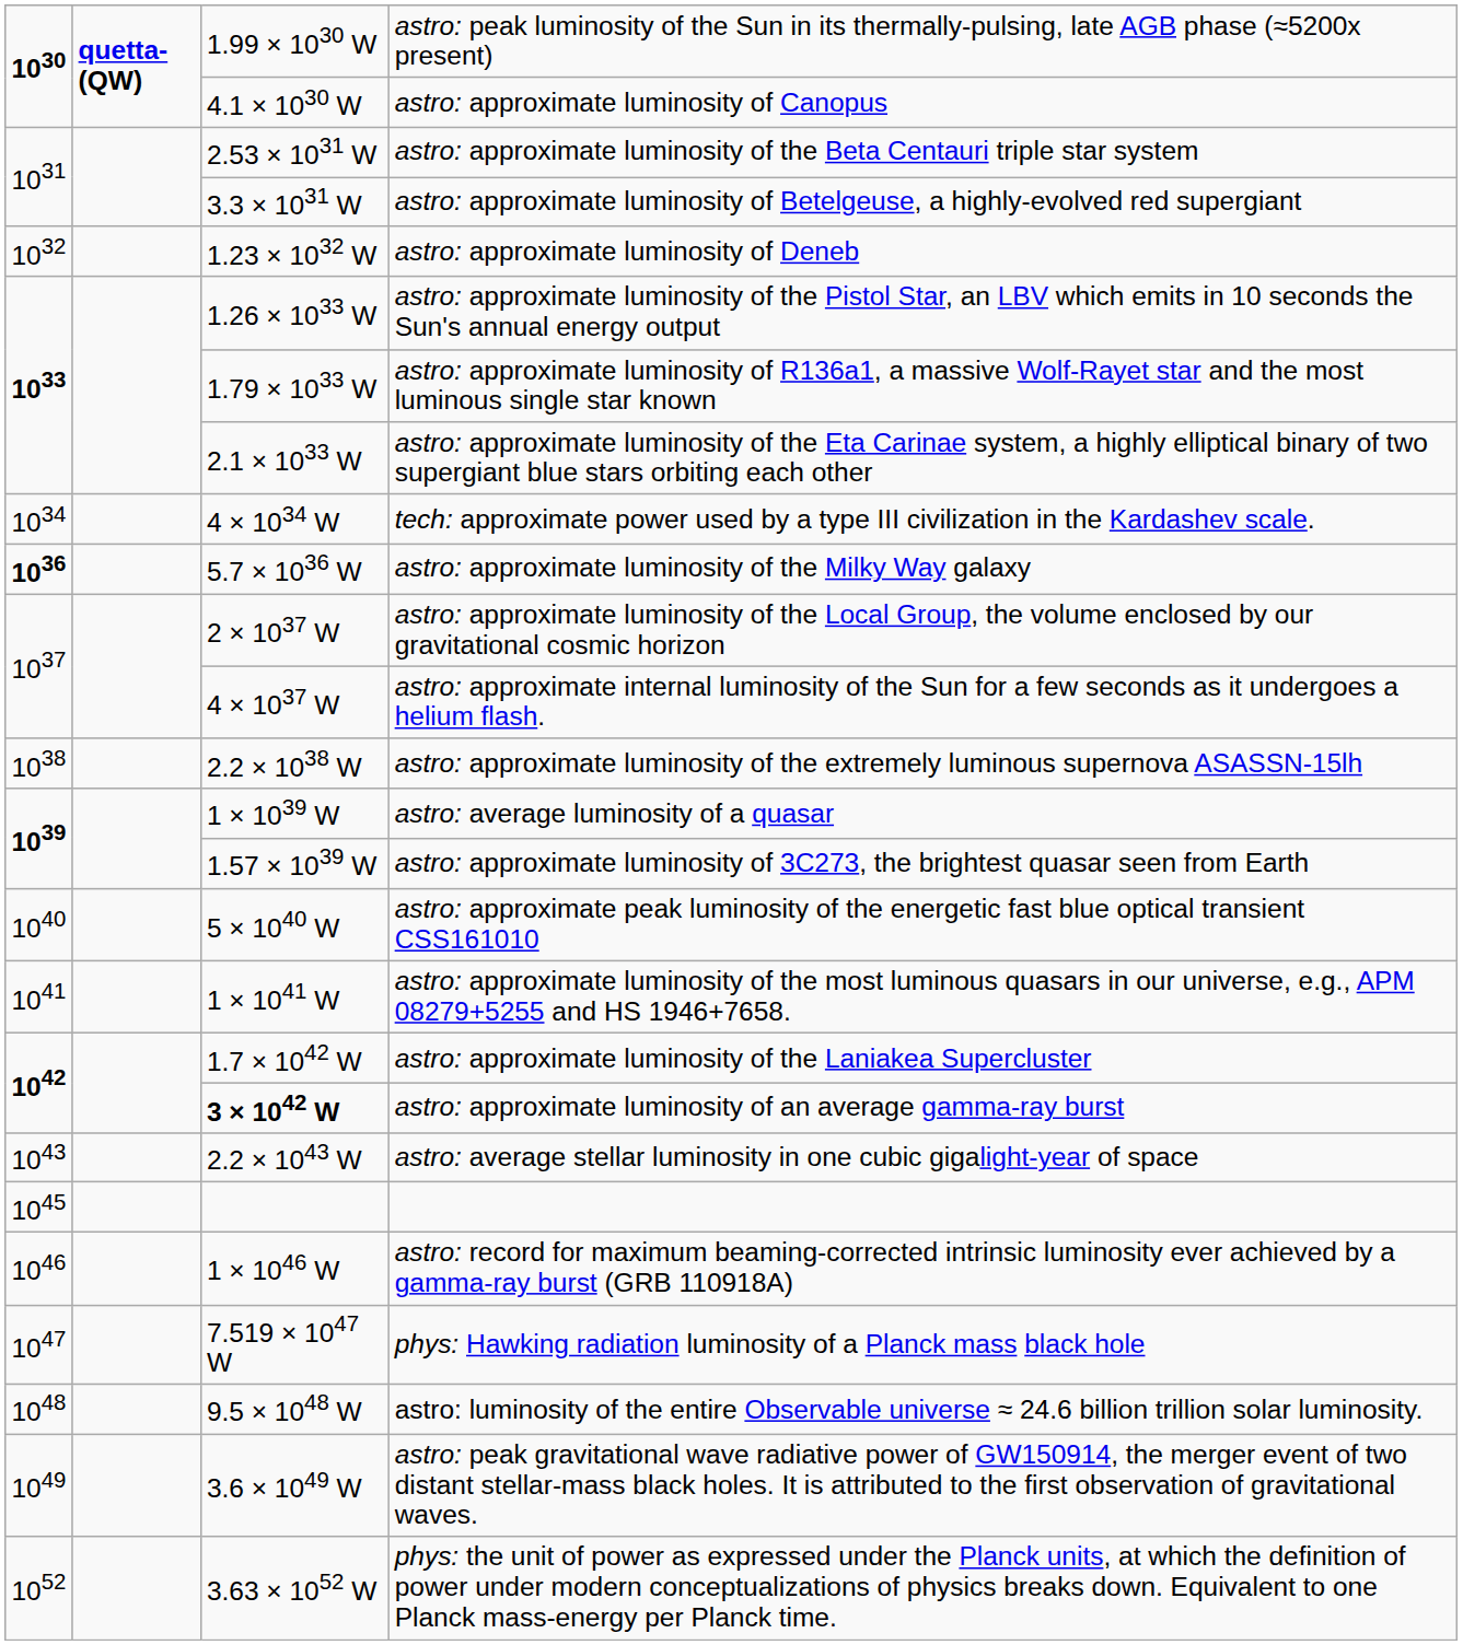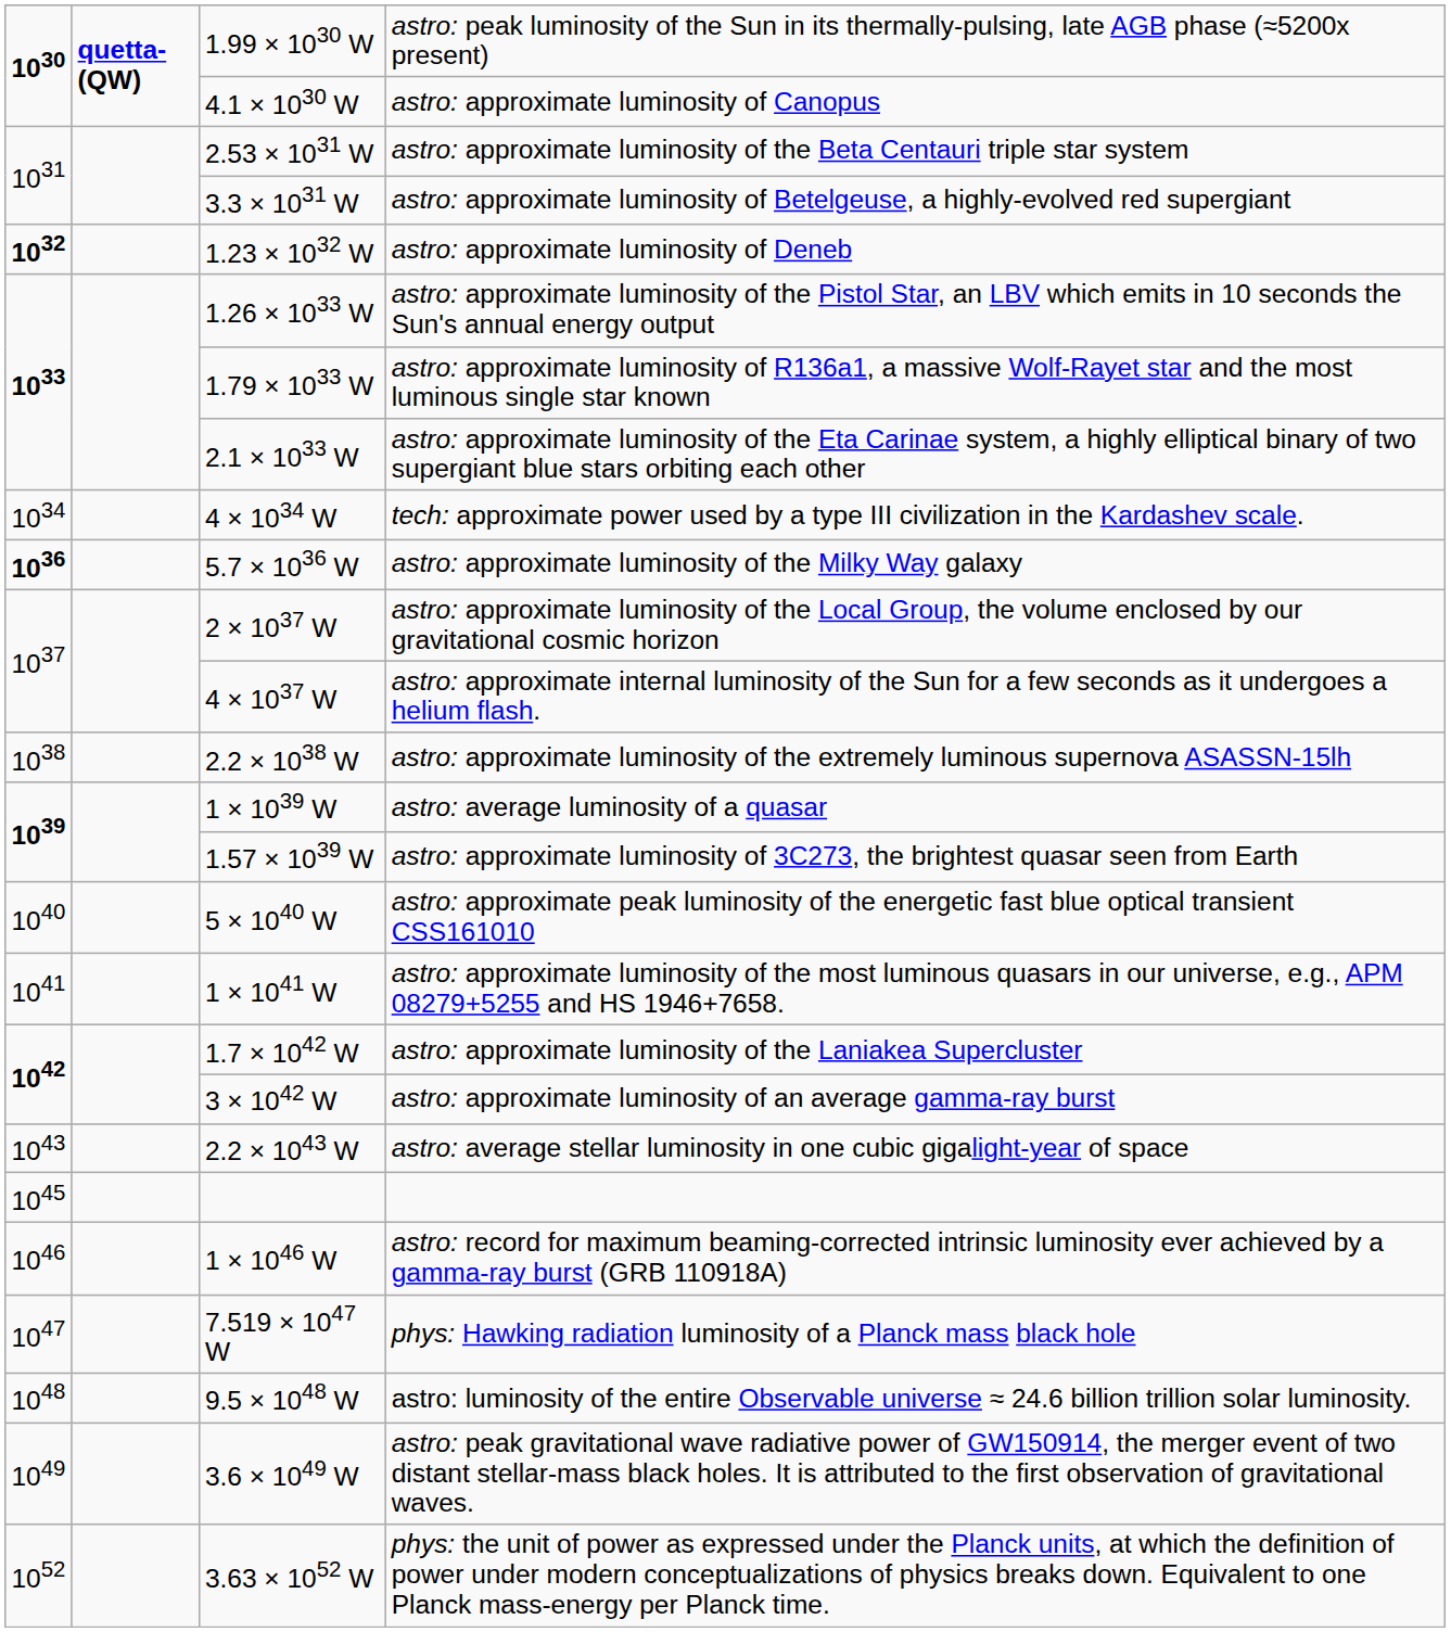 <table class="wikitable">
 <tr>
 <td rowspan="2"><strong>10<sup>30</sup></strong></td>
 <td rowspan="2"><strong><a href='#'>quetta-</a> (QW)</strong></td>
 <td>1.99 × 10<sup>30</sup> W</td>
 <td><em>astro:</em> peak luminosity of the Sun in its thermally-pulsing, late <a href='#'>AGB</a> phase (≈5200x present)</td>
 </tr>
 <tr>
 <td>4.1 × 10<sup>30</sup> W</td>
 <td><em>astro:</em> approximate luminosity of <a href='#'>Canopus</a></td>
 </tr>
 <tr>
 <td rowspan="2">10<sup>31</sup></td>
 <td rowspan="2"></td>
 <td>2.53 × 10<sup>31</sup> W</td>
 <td><em>astro:</em> approximate luminosity of the <a href='#'>Beta Centauri</a> triple star system</td>
 </tr>
 <tr>
 <td>3.3 × 10<sup>31</sup> W</td>
 <td><em>astro:</em> approximate luminosity of <a href='#'>Betelgeuse</a>, a highly-evolved red supergiant</td>
 </tr>
 <tr>
-<td>10<sup>32</sup></td>
+<td><strong>10<sup>32</sup></strong></td>
 <td></td>
 <td>1.23 × 10<sup>32</sup> W</td>
 <td><em>astro:</em> approximate luminosity of <a href='#'>Deneb</a></td>
 </tr>
 <tr>
 <td rowspan="3"><strong>10<sup>33</sup></strong></td>
 <td rowspan="3"></td>
 <td>1.26 × 10<sup>33</sup> W</td>
 <td><em>astro:</em> approximate luminosity of the <a href='#'>Pistol Star</a>, an <a href='#'>LBV</a> which emits in 10 seconds the Sun's annual energy output</td>
 </tr>
 <tr>
 <td>1.79 × 10<sup>33</sup> W</td>
 <td><em>astro:</em> approximate luminosity of <a href='#'>R136a1</a>, a massive <a href='#'>Wolf-Rayet star</a> and the most luminous single star known</td>
 </tr>
 <tr>
 <td>2.1 × 10<sup>33</sup> W</td>
 <td><em>astro:</em> approximate luminosity of the <a href='#'>Eta Carinae</a> system, a highly elliptical binary of two supergiant blue stars orbiting each other</td>
 </tr>
 <tr>
 <td>10<sup>34</sup></td>
 <td></td>
 <td>4 × 10<sup>34</sup> W</td>
 <td><em>tech:</em> approximate power used by a type III civilization in the <a href='#'>Kardashev scale</a>.</td>
 </tr>
 <tr>
 <td><strong>10<sup>36</sup></strong></td>
 <td></td>
 <td>5.7 × 10<sup>36</sup> W</td>
 <td><em>astro:</em> approximate luminosity of the <a href='#'>Milky Way</a> galaxy</td>
 </tr>
 <tr>
 <td rowspan="2">10<sup>37</sup></td>
 <td rowspan="2"></td>
 <td>2 × 10<sup>37</sup> W</td>
 <td><em>astro:</em> approximate luminosity of the <a href='#'>Local Group</a>, the volume enclosed by our gravitational cosmic horizon</td>
 </tr>
 <tr>
 <td>4 × 10<sup>37</sup> W</td>
 <td><em>astro:</em> approximate internal luminosity of the Sun for a few seconds as it undergoes a <a href='#'>helium flash</a>.</td>
 </tr>
 <tr>
 <td>10<sup>38</sup></td>
 <td></td>
 <td>2.2 × 10<sup>38</sup> W</td>
 <td><em>astro:</em> approximate luminosity of the extremely luminous supernova <a href='#'>ASASSN-15lh</a></td>
 </tr>
 <tr>
 <td rowspan="2"><strong>10<sup>39</sup></strong></td>
 <td rowspan="2"></td>
 <td>1 × 10<sup>39</sup> W</td>
 <td><em>astro:</em> average luminosity of a <a href='#'>quasar</a></td>
 </tr>
 <tr>
 <td>1.57 × 10<sup>39</sup> W</td>
 <td><em>astro:</em> approximate luminosity of <a href='#'>3C273</a>, the brightest quasar seen from Earth</td>
 </tr>
 <tr>
 <td>10<sup>40</sup></td>
 <td></td>
 <td>5 × 10<sup>40</sup> W</td>
 <td><em>astro:</em> approximate peak luminosity of the energetic fast blue optical transient <a href='#'>CSS161010</a></td>
 </tr>
 <tr>
 <td>10<sup>41</sup></td>
 <td></td>
 <td>1 × 10<sup>41</sup> W</td>
 <td><em>astro:</em> approximate luminosity of the most luminous quasars in our universe, e.g., <a href='#'>APM 08279+5255</a> and HS 1946+7658.</td>
 </tr>
 <tr>
 <td rowspan=2><strong>10<sup>42</sup></strong></td>
 <td rowspan=2></td>
 <td>1.7 × 10<sup>42</sup> W</td>
 <td><em>astro:</em> approximate luminosity of the <a href='#'>Laniakea Supercluster</a></td>
 </tr>
 <tr>
-<td><strong>3 × 10<sup>42</sup> W</strong></td>
+<td>3 × 10<sup>42</sup> W</td>
 <td><em>astro:</em> approximate luminosity of an average <a href='#'>gamma-ray burst</a></td>
 </tr>
 <tr>
 <td>10<sup>43</sup></td>
 <td></td>
 <td>2.2 × 10<sup>43</sup> W</td>
 <td><em>astro:</em> average stellar luminosity in one cubic giga<a href='#'>light-year</a> of space</td>
 </tr>
 <tr>
 <td>10<sup>45</sup></td>
 <td></td>
 <td></td>
 <td></td>
 </tr>
 <tr>
 <td>10<sup>46</sup></td>
 <td></td>
 <td>1 × 10<sup>46</sup> W</td>
 <td><em>astro:</em> record for maximum beaming-corrected intrinsic luminosity ever achieved by a <a href='#'>gamma-ray burst</a> (GRB 110918A)</td>
 </tr>
 <tr>
 <td>10<sup>47</sup></td>
 <td></td>
 <td>7.519 × 10<sup>47</sup> W</td>
 <td><em>phys:</em> <a href='#'>Hawking radiation</a> luminosity of a <a href='#'>Planck mass</a> <a href='#'>black hole</a></td>
 </tr>
 <tr>
 <td>10<sup>48</sup></td>
 <td></td>
 <td>9.5 × 10<sup>48</sup> W</td>
 <td>astro: luminosity of the entire <a href='#'>Observable universe</a> ≈ 24.6 billion trillion solar luminosity.</td>
 </tr>
 <tr>
 <td>10<sup>49</sup></td>
 <td></td>
 <td>3.6 × 10<sup>49</sup> W</td>
 <td><em>astro:</em> peak gravitational wave radiative power of <a href='#'>GW150914</a>, the merger event of two distant stellar-mass black holes. It is attributed to the first observation of gravitational waves.</td>
 </tr>
 <tr>
 <td>10<sup>52</sup></td>
 <td></td>
 <td>3.63 × 10<sup>52</sup> W</td>
 <td><em>phys:</em> the unit of power as expressed under the <a href='#'>Planck units</a>, at which the definition of power under modern conceptualizations of physics breaks down. Equivalent to one Planck mass-energy per Planck time.</td>
 </tr>
 </table>
